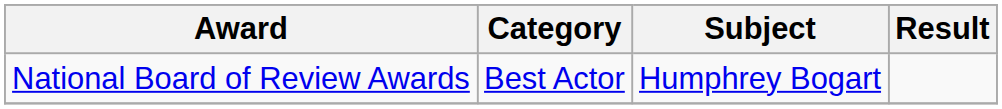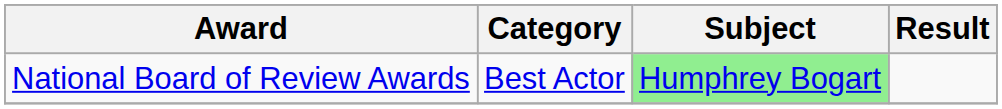 <table class="wikitable">
 <tr>
 <th>Award</th>
 <th>Category</th>
 <th>Subject</th>
 <th>Result</th>
 </tr>
 <tr>
 <td rowspan=1><a href='#'>National Board of Review Awards</a></td>
 <td><a href='#'>Best Actor</a></td>
-<td><a href='#'>Humphrey Bogart</a></td>
+<td style="background: lightgreen;"><a href='#'>Humphrey Bogart</a></td>
 <td></td>
 </tr>
 <tr>
 </tr>
 </table>
